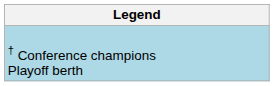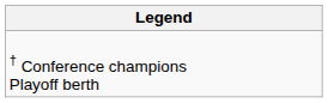 <table class="wikitable" style="margin:1em auto; width:25%;">
 <tr>
 <th colspan=2>Legend</th>
 </tr>
 <tr>
-<td style="background: lightblue;"><br> <sup>†</sup> Conference champions<br>  Playoff berth<br></td>
+<td><br> <sup>†</sup> Conference champions<br>  Playoff berth<br></td>
 </tr>
 </table>
